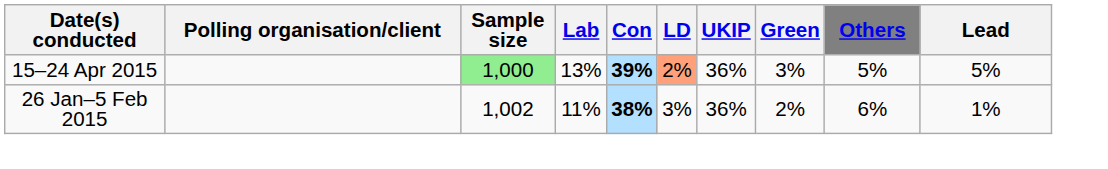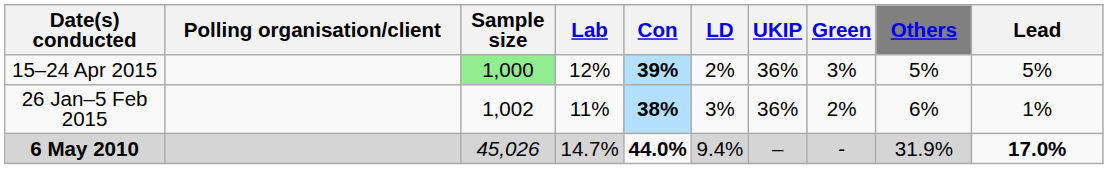 <table class="wikitable sortable" style="text-align:center;font-size:90%;line-height:14px">
 <tr>
 <th ! style="width:105px;">Date(s)<br>conducted</th>
 <th style="width:200px;">Polling organisation/client</th>
 <th class="unsortable" style="width:60px;">Sample size</th>
 <th class="unsortable" style="background:"><a href='#'><span>Lab</span></a></th>
 <th class="unsortable" style="background:"><a href='#'><span>Con</span></a></th>
 <th class="unsortable" style="background:"><a href='#'><span>LD</span></a></th>
 <th class="unsortable" style="background:"><a href='#'><span>UKIP</span></a></th>
 <th class="unsortable" style="background:"><a href='#'><span>Green</span></a></th>
 <th class="unsortable" style="background:gray; width:60px;"><a href='#'><span>Others</span></a></th>
 <th class="unsortable" style="width:85px;">Lead</th>
 </tr>
 <tr>
 <td>15–24 Apr 2015</td>
 <td> </td>
 <td style="background: lightgreen;">1,000</td>
-<td>13%</td>
+<td>12%</td>
 <td style="background:#B3E0FF"><strong>39%</strong></td>
-<td style="background: lightsalmon;">2%</td>
+<td>2%</td>
 <td>36%</td>
 <td>3%</td>
 <td>5%</td>
 <td style="background:">5%</td>
 </tr>
 <tr>
 <td>26 Jan–5 Feb 2015</td>
 <td> </td>
 <td>1,002</td>
 <td>11%</td>
 <td style="background:#B3E0FF"><strong>38%</strong></td>
 <td>3%</td>
 <td>36%</td>
 <td>2%</td>
 <td>6%</td>
 <td style="background:">1%</td>
 </tr>
+<tr>
+<td style="background:#D5D5D5"><strong>6 May 2010</strong></td>
+<td style="background:#D5D5D5"></td>
+<td style="background:#D5D5D5"><em>45,026</em></td>
+<td style="background:#D5D5D5">14.7%</td>
+<td style="background:"><strong>44.0%</strong></td>
+<td style="background:#D5D5D5">9.4%</td>
+<td style="background:#D5D5D5">–</td>
+<td style="background:#D5D5D5">-</td>
+<td style="background:#D5D5D5">31.9%</td>
+<td style="background:"><strong>17.0% </strong></td>
+</tr>
 </table>
